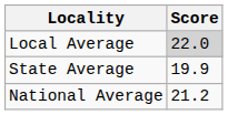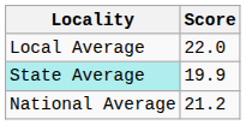 <table class="wikitable" border="1">
 <tr>
 <th>Locality</th>
 <th>Score</th>
 </tr>
 <tr>
 <td>Local Average</td>
-<td style="background: lightgrey;">22.0</td>
+<td>22.0</td>
 </tr>
 <tr>
-<td>State Average</td>
+<td style="background: paleturquoise;">State Average</td>
 <td>19.9</td>
 </tr>
 <tr>
 <td>National Average</td>
 <td>21.2</td>
 </tr>
 </table>
